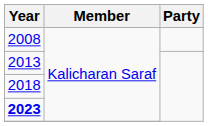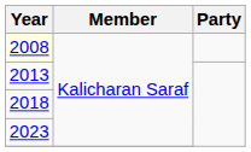 <table class="wikitable sortable">
 <tr>
 <th>Year</th>
 <th>Member</th>
 <th colspan="2">Party</th>
 </tr>
 <tr>
-<td><a href='#'>2008</a></td>
+<td style="background: lightyellow;"><a href='#'>2008</a></td>
 <td rowspan=4><a href='#'>Kalicharan Saraf</a></td>
 <td></td>
 </tr>
 <tr>
 <td><a href='#'>2013</a></td>
 </tr>
 <tr>
 <td><a href='#'>2018</a></td>
 </tr>
 <tr>
-<td><strong><a href='#'>2023</a></strong></td>
+<td><a href='#'>2023</a></td>
 </tr>
 <tr>
 </tr>
 </table>
